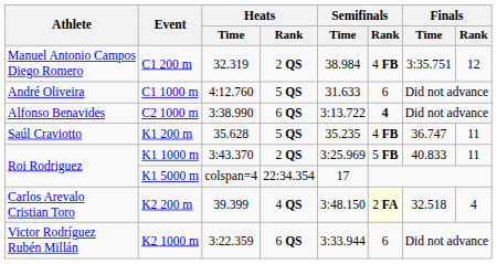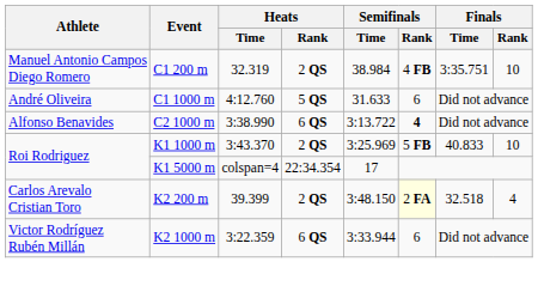 <table class="wikitable" style="font-size:90%">
 <tr>
 <th rowspan="2">Athlete</th>
 <th rowspan="2">Event</th>
 <th colspan=2>Heats</th>
 <th colspan=2>Semifinals</th>
 <th colspan=2>Finals</th>
 </tr>
 <tr style="font-size:95%">
 <th>Time</th>
 <th>Rank</th>
 <th>Time</th>
 <th>Rank</th>
 <th>Time</th>
 <th>Rank</th>
 </tr>
 <tr align=center>
 <td align=left><a href='#'>Manuel Antonio Campos</a><br><a href='#'>Diego Romero</a></td>
 <td align=left><a href='#'>C1 200 m</a></td>
 <td>32.319</td>
 <td>2 <strong>QS</strong></td>
 <td>38.984</td>
 <td>4 <strong>FB</strong></td>
 <td>3:35.751</td>
-<td>12</td>
+<td>10</td>
 </tr>
 <tr align=center>
 <td align=left><a href='#'>André Oliveira</a></td>
 <td align=left><a href='#'>C1 1000 m</a></td>
 <td>4:12.760</td>
 <td>5 <strong>QS</strong></td>
 <td>31.633</td>
 <td>6</td>
 <td colspan=2>Did not advance</td>
 </tr>
 <tr align=center>
 <td align=left><a href='#'>Alfonso Benavides</a></td>
 <td align=left><a href='#'>C2 1000 m</a></td>
 <td>3:38.990</td>
 <td>6 <strong>QS</strong></td>
 <td>3:13.722</td>
 <td><strong>4</strong></td>
 <td colspan=2>Did not advance</td>
 </tr>
 <tr align=center>
-<td align=left><a href='#'>Saúl Craviotto</a></td>
-<td align=left><a href='#'>K1 200 m</a></td>
-<td>35.628</td>
-<td>5 <strong>QS</strong></td>
-<td>35.235</td>
-<td>4 <strong>FB</strong></td>
-<td>36.747</td>
-<td>11</td>
-</tr>
-<tr align=center>
 <td align=left rowspan=2><a href='#'>Roi Rodriguez</a></td>
 <td align=left><a href='#'>K1 1000 m</a></td>
 <td>3:43.370</td>
 <td>2 <strong>QS</strong></td>
 <td>3:25.969</td>
 <td>5 <strong>FB</strong></td>
 <td>40.833</td>
-<td>11</td>
+<td>10</td>
 </tr>
 <tr align=center>
 <td align=left><a href='#'>K1 5000 m</a></td>
 <td>colspan=4 </td>
 <td>22:34.354</td>
 <td>17</td>
 </tr>
 <tr align=center>
 <td align=left><a href='#'>Carlos Arevalo</a><br><a href='#'>Cristian Toro</a></td>
 <td align=left><a href='#'>K2 200 m</a></td>
 <td>39.399</td>
-<td>4 <strong>QS</strong></td>
+<td>2 <strong>QS</strong></td>
 <td>3:48.150</td>
 <td style="background: lightyellow;">2 <strong>FA</strong></td>
 <td>32.518</td>
 <td>4</td>
 </tr>
 <tr align=center>
 <td align=left><a href='#'>Victor Rodríguez</a><br><a href='#'>Rubén Millán</a></td>
 <td align=left><a href='#'>K2 1000 m</a></td>
 <td>3:22.359</td>
 <td>6 <strong>QS</strong></td>
 <td>3:33.944</td>
 <td>6</td>
 <td colspan=2>Did not advance</td>
 </tr>
 </table>
